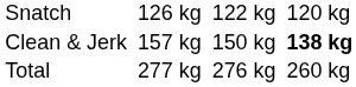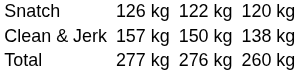 <table>
 <tr>
 <td>Snatch</td>
 <td></td>
 <td>126 kg</td>
 <td></td>
 <td>122 kg</td>
 <td></td>
 <td>120 kg</td>
 </tr>
 <tr>
 <td>Clean & Jerk</td>
 <td></td>
 <td>157 kg</td>
 <td></td>
 <td>150 kg</td>
 <td></td>
-<td><strong>138 kg</strong></td>
+<td>138 kg</td>
 </tr>
 <tr>
 <td>Total</td>
 <td></td>
 <td>277 kg</td>
 <td></td>
 <td>276 kg</td>
 <td></td>
 <td>260 kg</td>
 </tr>
 </table>
